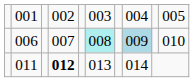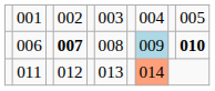 <table class="wikitable" style="text-align:center">
 <tr>
 <td></td>
 <td>001<br><big></big></td>
 <td></td>
 <td>002<br><big></big></td>
 <td></td>
 <td>003<br><big></big></td>
 <td></td>
 <td>004<br><big></big></td>
 <td></td>
 <td>005<br><big></big></td>
 </tr>
 <tr>
 <td></td>
 <td>006<br><big></big></td>
 <td></td>
-<td>007<br><big></big></td>
+<td><strong>007<br><big></big></strong></td>
 <td></td>
-<td style="background: paleturquoise;">008<br><big></big></td>
+<td>008<br><big></big></td>
 <td></td>
 <td style="background: lightblue;">009<br><big></big></td>
 <td></td>
-<td>010<br><big></big></td>
+<td><strong>010<br><big></big></strong></td>
 </tr>
 <tr>
 <td></td>
 <td>011<br><big></big></td>
 <td></td>
-<td><strong>012<br><big></big></strong></td>
+<td>012<br><big></big></td>
 <td></td>
 <td>013<br><big></big></td>
 <td></td>
-<td>014<br><big></big></td>
+<td style="background: lightsalmon;">014<br><big></big></td>
 </tr>
 </table>
